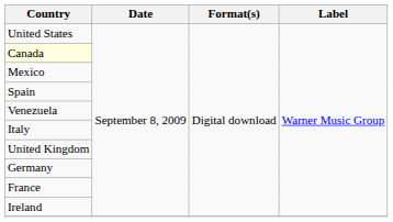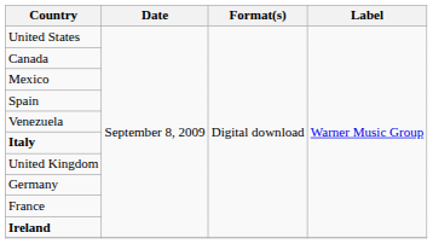 <table class="wikitable plainrowheaders">
 <tr>
 <th scope="col">Country</th>
 <th scope="col">Date</th>
 <th scope="col">Format(s)</th>
 <th scope="col">Label</th>
 </tr>
 <tr>
 <td>United States</td>
 <td rowspan="10">September 8, 2009</td>
 <td rowspan="10">Digital download</td>
 <td rowspan="10"><a href='#'>Warner Music Group</a></td>
 </tr>
 <tr>
-<td style="background: lightyellow;">Canada</td>
+<td>Canada</td>
 </tr>
 <tr>
 <td>Mexico</td>
 </tr>
 <tr>
 <td>Spain</td>
 </tr>
 <tr>
 <td>Venezuela</td>
 </tr>
 <tr>
-<td>Italy</td>
+<td><strong>Italy</strong></td>
 </tr>
 <tr>
 <td>United Kingdom</td>
 </tr>
 <tr>
 <td>Germany</td>
 </tr>
 <tr>
 <td>France</td>
 </tr>
 <tr>
-<td>Ireland</td>
+<td><strong>Ireland</strong></td>
 </tr>
 <tr>
 </tr>
 </table>
